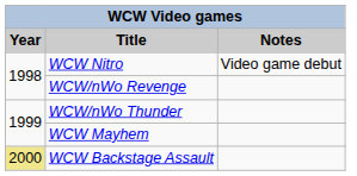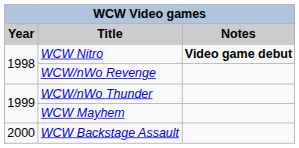 <table class="wikitable sortable">
 <tr style="text-align:center;">
 <th colspan=4 style="background:#B0C4DE;">WCW Video games</th>
 </tr>
 <tr style="text-align:center;">
 <th style="background:#ccc;">Year</th>
 <th style="background:#ccc;">Title</th>
 <th style="background:#ccc;">Notes</th>
 </tr>
 <tr>
 <td rowspan="2">1998</td>
 <td><em><a href='#'>WCW Nitro</a></em></td>
-<td>Video game debut</td>
+<td><strong>Video game debut</strong></td>
 </tr>
 <tr>
 <td><em><a href='#'>WCW/nWo Revenge</a></em></td>
 <td></td>
 </tr>
 <tr>
 <td rowspan="2">1999</td>
 <td><em><a href='#'>WCW/nWo Thunder</a></em></td>
 <td></td>
 </tr>
 <tr>
 <td><em><a href='#'>WCW Mayhem</a></em></td>
 <td></td>
 </tr>
 <tr>
-<td style="background: khaki;">2000</td>
+<td>2000</td>
 <td><em><a href='#'>WCW Backstage Assault</a></em></td>
 <td></td>
 </tr>
 </table>
